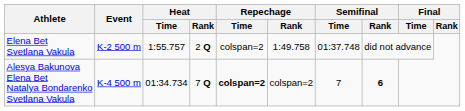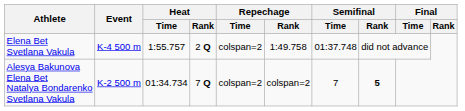 <table class=wikitable style="font-size:90%; text-align:center">
 <tr>
 <th rowspan=2>Athlete</th>
 <th rowspan=2>Event</th>
 <th colspan=2>Heat</th>
 <th colspan=2>Repechage</th>
 <th colspan=2>Semifinal</th>
 <th colspan=2>Final</th>
 </tr>
 <tr style=font-size:95%>
 <th>Time</th>
 <th>Rank</th>
 <th>Time</th>
 <th>Rank</th>
 <th>Time</th>
 <th>Rank</th>
 <th>Time</th>
 <th>Rank</th>
 </tr>
 <tr>
 <td align=left><a href='#'>Elena Bet</a><br><a href='#'>Svetlana Vakula</a></td>
-<td align=left><a href='#'>K-2 500 m</a></td>
+<td align=left><a href='#'>K-4 500 m</a></td>
 <td>1:55.757</td>
 <td>2 <strong>Q</strong></td>
 <td>colspan=2 </td>
 <td>1:49.758</td>
 <td>01:37.748</td>
 <td colspan=2>did not advance</td>
 </tr>
 <tr>
 <td align=left><a href='#'>Alesya Bakunova</a><br><a href='#'>Elena Bet</a><br><a href='#'>Natalya Bondarenko</a><br><a href='#'>Svetlana Vakula</a></td>
-<td align=left><a href='#'>K-4 500 m</a></td>
+<td align=left><a href='#'>K-2 500 m</a></td>
 <td>01:34.734</td>
 <td>7  <strong>Q</strong></td>
-<td><strong>colspan=2 </strong></td>
+<td>colspan=2 </td>
 <td>colspan=2 </td>
 <td>7</td>
-<td><strong>6</strong></td>
+<td><strong>5</strong></td>
 </tr>
 </table>
